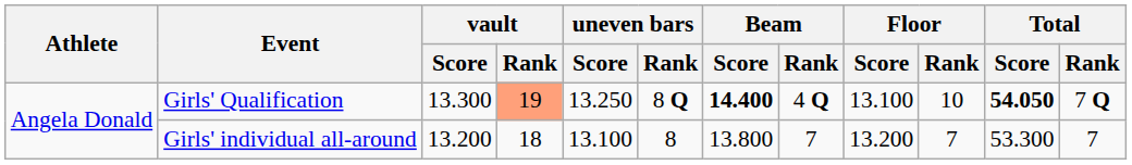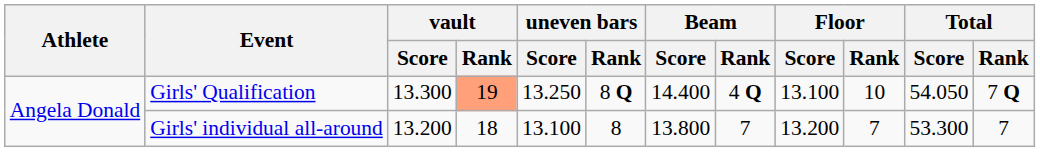 <table class="wikitable" style="font-size:90%;">
 <tr>
 <th rowspan=2>Athlete</th>
 <th rowspan=2>Event</th>
 <th colspan=2>vault</th>
 <th colspan=2>uneven bars</th>
 <th colspan=2>Beam</th>
 <th colspan=2>Floor</th>
 <th colspan=2>Total</th>
 </tr>
 <tr>
 <th>Score</th>
 <th>Rank</th>
 <th>Score</th>
 <th>Rank</th>
 <th>Score</th>
 <th>Rank</th>
 <th>Score</th>
 <th>Rank</th>
 <th>Score</th>
 <th>Rank</th>
 </tr>
 <tr>
 <td rowspan=2><a href='#'>Angela Donald</a></td>
 <td><a href='#'>Girls' Qualification</a></td>
 <td align=center>13.300</td>
 <td align=center style="background: lightsalmon;">19</td>
 <td align=center>13.250</td>
 <td align=center>8 <strong>Q</strong></td>
-<td align=center><strong>14.400</strong></td>
+<td align=center>14.400</td>
 <td align=center>4 <strong>Q</strong></td>
 <td align=center>13.100</td>
 <td align=center>10</td>
-<td align=center><strong>54.050</strong></td>
+<td align=center>54.050</td>
 <td align=center>7 <strong>Q</strong></td>
 </tr>
 <tr>
 <td><a href='#'>Girls' individual all-around</a></td>
 <td align=center>13.200</td>
 <td align=center>18</td>
 <td align=center>13.100</td>
 <td align=center>8</td>
 <td align=center>13.800</td>
 <td align=center>7</td>
 <td align=center>13.200</td>
 <td align=center>7</td>
 <td align=center>53.300</td>
 <td align=center>7</td>
 </tr>
 </table>
